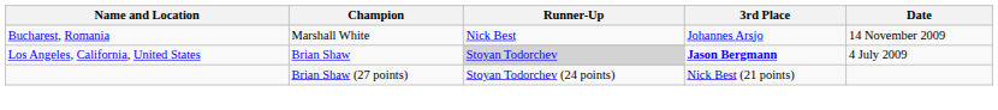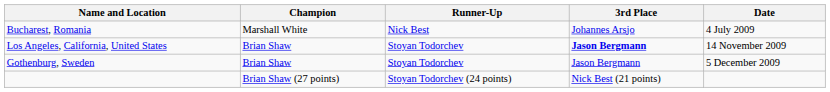 <table class="wikitable" style="display: inline-table;width: 100%;">
 <tr>
 <th>Name and Location</th>
 <th>Champion</th>
 <th>Runner-Up</th>
 <th>3rd Place</th>
 <th>Date</th>
 </tr>
 <tr>
 <td> <a href='#'>Bucharest</a>, <a href='#'>Romania</a> <br> </td>
 <td> Marshall White</td>
 <td> <a href='#'>Nick Best</a></td>
 <td> <a href='#'>Johannes Arsjo</a></td>
-<td>14 November 2009</td>
+<td>4 July 2009</td>
 </tr>
 <tr>
 <td> <a href='#'>Los Angeles</a>, <a href='#'>California</a>, <a href='#'>United States</a> <br> </td>
 <td> <a href='#'>Brian Shaw</a></td>
-<td style="background: lightgrey;"> <a href='#'>Stoyan Todorchev</a></td>
+<td> <a href='#'>Stoyan Todorchev</a></td>
 <td><strong> <a href='#'>Jason Bergmann</a></strong></td>
-<td>4 July 2009</td>
+<td>14 November 2009</td>
+</tr>
+<tr>
+<td> <a href='#'>Gothenburg</a>, <a href='#'>Sweden</a> <br> </td>
+<td> <a href='#'>Brian Shaw</a></td>
+<td> <a href='#'>Stoyan Todorchev</a></td>
+<td> <a href='#'>Jason Bergmann</a></td>
+<td>5 December 2009</td>
 </tr>
 <tr>
 <td></td>
 <td> <a href='#'>Brian Shaw</a> (27 points)</td>
 <td> <a href='#'>Stoyan Todorchev</a> (24 points)</td>
 <td> <a href='#'>Nick Best</a> (21 points)</td>
 <td></td>
 </tr>
 </table>
